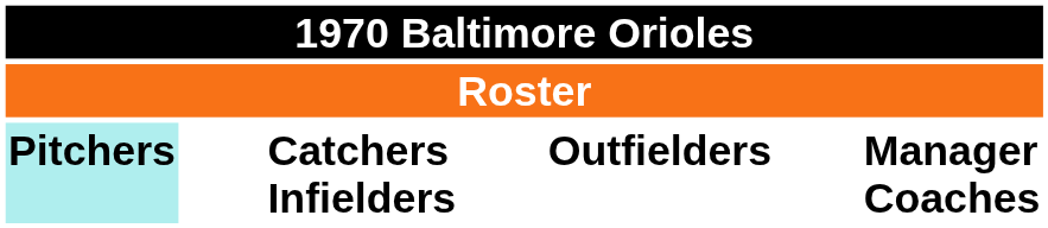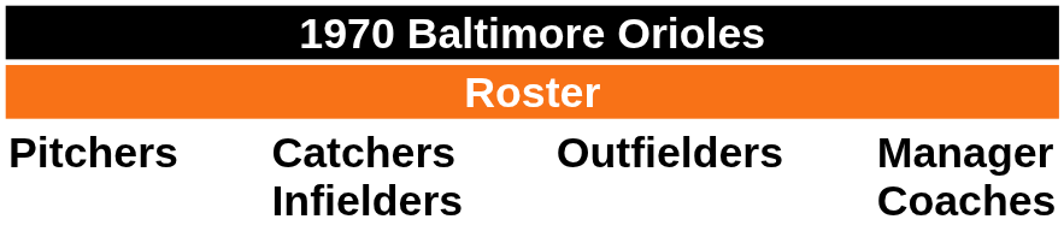 <table class="toccolours" style="font-size: 95%;">
 <tr>
 <th colspan="10" style="background-color: black; color: white; text-align: center;">1970 Baltimore Orioles</th>
 </tr>
 <tr>
 <td colspan="10" style="background-color: #F87217; color: white; text-align: center;"><strong>Roster</strong></td>
 </tr>
 <tr>
-<td valign="top" style="background: paleturquoise;"><strong>Pitchers</strong><br>           </td>
+<td valign="top"><strong>Pitchers</strong><br>           </td>
 <td width="25px"></td>
 <td valign="top"><strong>Catchers</strong><br>    <strong>Infielders</strong>        </td>
 <td width="25px"></td>
 <td valign="top"><strong>Outfielders</strong><br>       </td>
 <td width="25px"></td>
 <td valign="top"><strong>Manager</strong><br> <strong>Coaches</strong>    </td>
 </tr>
 <tr>
 </tr>
 </table>
